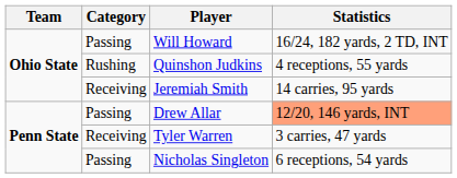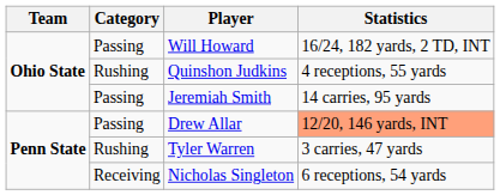 <table class="wikitable" style="float: right;">
 <tr>
 <th>Team</th>
 <th>Category</th>
 <th>Player</th>
 <th>Statistics</th>
 </tr>
 <tr>
 <td rowspan=3><strong>Ohio State</strong></td>
 <td>Passing</td>
 <td><a href='#'>Will Howard</a></td>
 <td>16/24, 182 yards, 2 TD, INT</td>
 </tr>
 <tr>
 <td>Rushing</td>
 <td><a href='#'>Quinshon Judkins</a></td>
 <td>4 receptions, 55 yards</td>
 </tr>
 <tr>
-<td>Receiving</td>
+<td>Passing</td>
 <td><a href='#'>Jeremiah Smith</a></td>
 <td>14 carries, 95 yards</td>
 </tr>
 <tr>
 <td rowspan=3><strong>Penn State</strong></td>
 <td>Passing</td>
 <td><a href='#'>Drew Allar</a></td>
 <td style="background: lightsalmon;">12/20, 146 yards, INT</td>
 </tr>
 <tr>
-<td>Receiving</td>
+<td>Rushing</td>
 <td><a href='#'>Tyler Warren</a></td>
 <td>3 carries, 47 yards</td>
 </tr>
 <tr>
-<td>Passing</td>
+<td>Receiving</td>
 <td><a href='#'>Nicholas Singleton</a></td>
 <td>6 receptions, 54 yards</td>
 </tr>
 </table>
